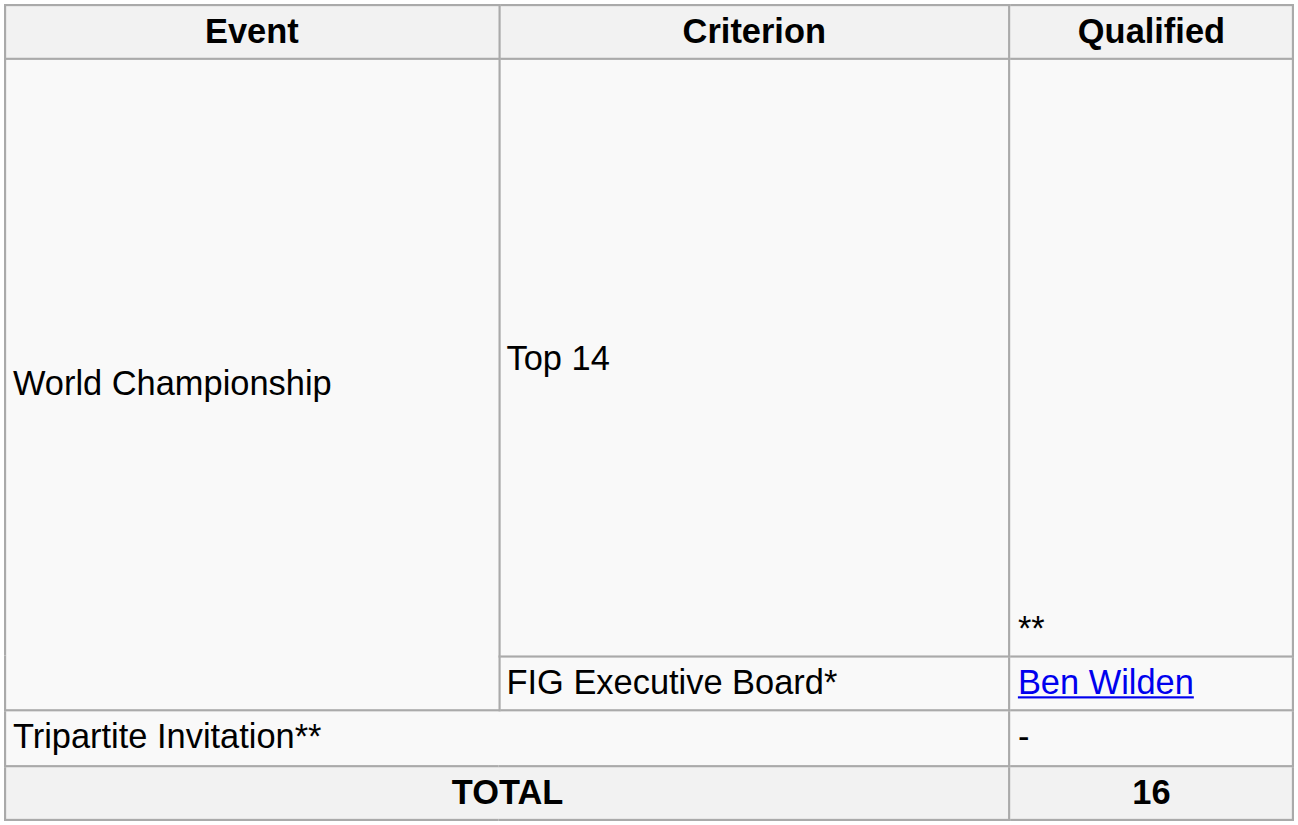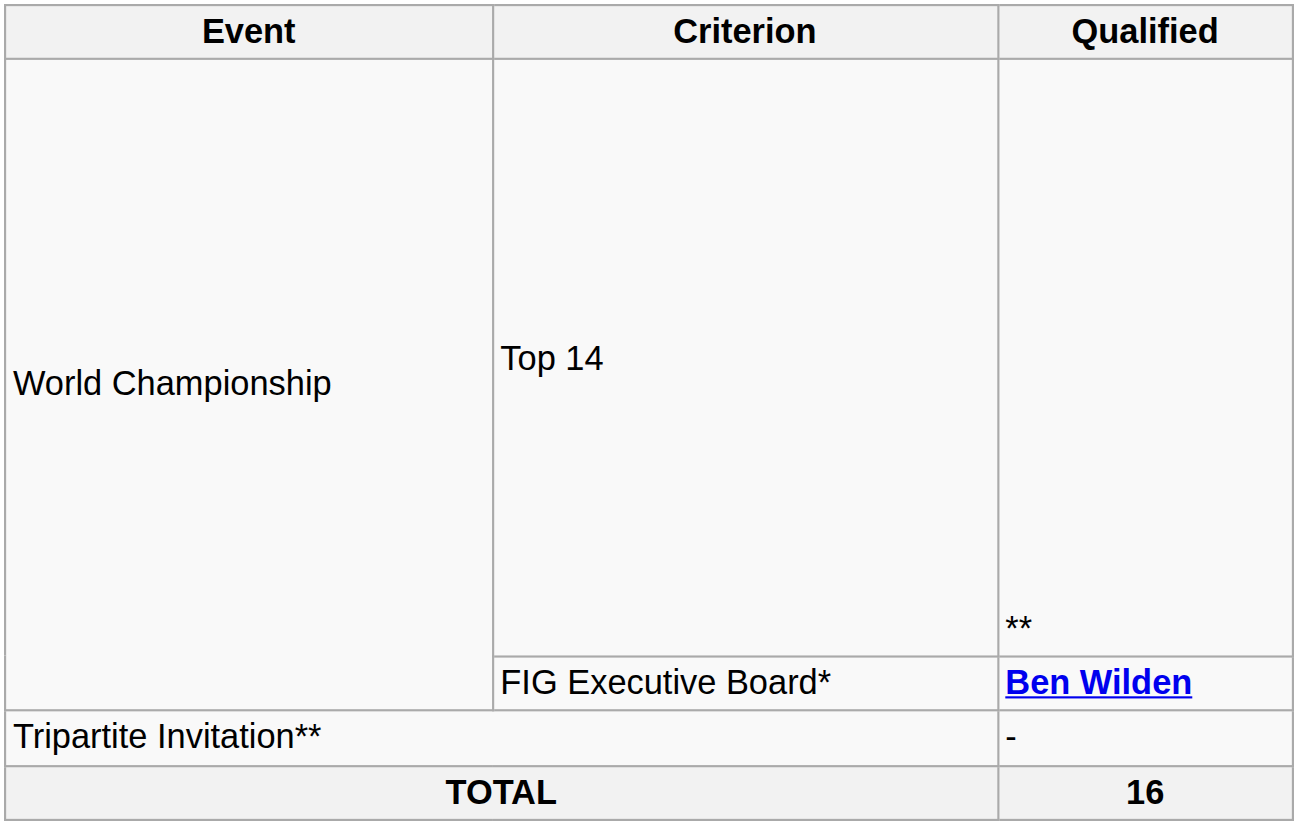 <table class="wikitable" width=600>
 <tr>
 <th>Event</th>
 <th>Criterion</th>
 <th>Qualified</th>
 </tr>
 <tr>
 <td rowspan="2">World Championship</td>
 <td>Top 14</td>
 <td> <br>  <br>  <br>  <br>  <br>  <br>  <br>  <br>  <br>  <br>  <br> <br> <br> <br> **</td>
 </tr>
 <tr>
 <td>FIG Executive Board*</td>
-<td> <a href='#'>Ben Wilden</a></td>
+<td><strong> <a href='#'>Ben Wilden</a></strong></td>
 </tr>
 <tr>
 <td colspan="2">Tripartite Invitation**</td>
 <td>-</td>
 </tr>
 <tr>
 <th colspan="2">TOTAL</th>
 <th>16</th>
 </tr>
 </table>
